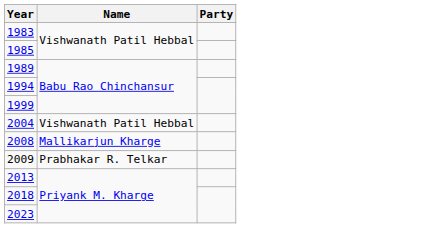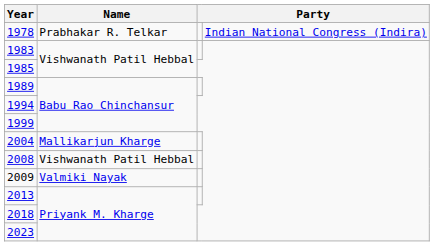 <table class="wikitable sortable">
 <tr>
 <th>Year</th>
 <th>Name</th>
 <th colspan="2">Party</th>
+</tr>
+<tr>
+<td><a href='#'>1978</a></td>
+<td>Prabhakar R. Telkar</td>
+<td style="background-color: "></td>
+<td><a href='#'>Indian National Congress (Indira)</a></td>
 </tr>
 <tr>
 <td><a href='#'>1983</a></td>
 <td rowspan=2>Vishwanath Patil Hebbal</td>
 <td></td>
 </tr>
 <tr>
 <td><a href='#'>1985</a></td>
 </tr>
 <tr>
 <td><a href='#'>1989</a></td>
 <td rowspan=3><a href='#'>Babu Rao Chinchansur</a></td>
 <td></td>
 </tr>
 <tr>
 <td><a href='#'>1994</a></td>
 </tr>
 <tr>
 <td><a href='#'>1999</a></td>
 </tr>
 <tr>
 <td><a href='#'>2004</a></td>
+<td><a href='#'>Mallikarjun Kharge</a></td>
+<td></td>
+</tr>
+<tr>
+<td><a href='#'>2008</a></td>
 <td>Vishwanath Patil Hebbal</td>
 <td></td>
 </tr>
 <tr>
-<td><a href='#'>2008</a></td>
-<td><a href='#'>Mallikarjun Kharge</a></td>
-<td></td>
-</tr>
-<tr>
 <td>2009</td>
-<td>Prabhakar R. Telkar</td>
+<td><a href='#'>Valmiki Nayak</a></td>
 <td></td>
 </tr>
 <tr>
 <td><a href='#'>2013</a></td>
 <td rowspan=3><a href='#'>Priyank M. Kharge</a></td>
 <td></td>
 </tr>
 <tr>
 <td><a href='#'>2018</a></td>
 </tr>
 <tr>
 <td><a href='#'>2023</a></td>
 </tr>
 </table>
